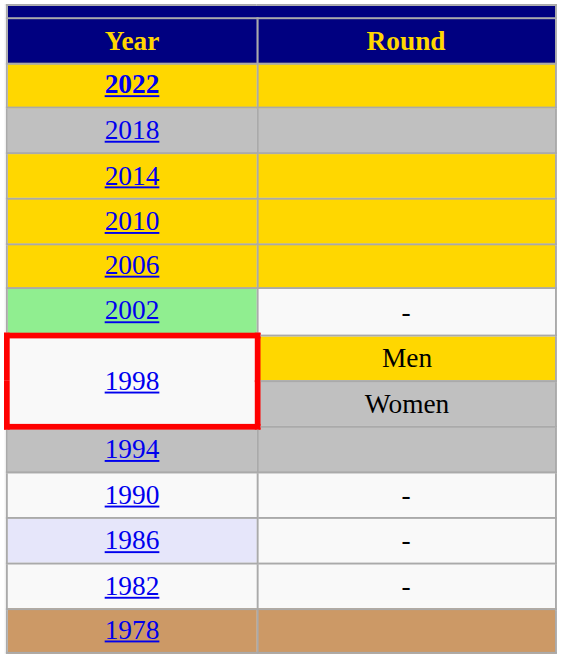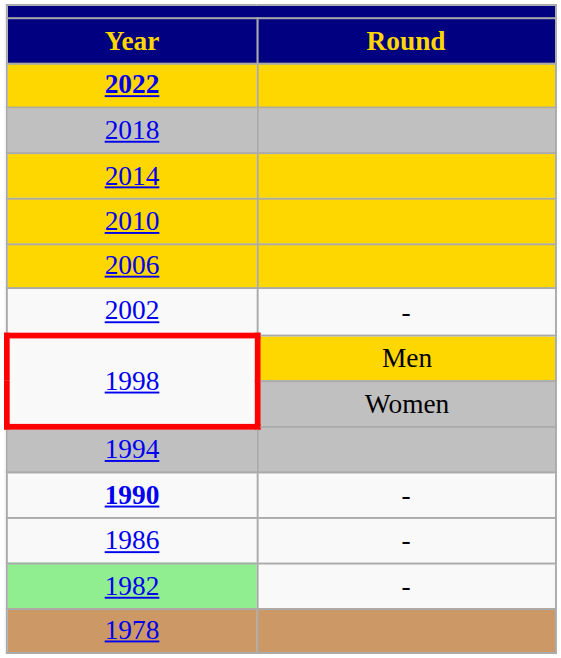 <table class="wikitable" style="text-align: center;font-size:90%;">
 <tr>
 <th style="background:#000080;" colspan=2></th>
 </tr>
 <tr style="color:gold;">
 <th style="background:#000080;" width=125>Year</th>
 <th style="background:#000080;" width=150>Round</th>
 </tr>
 <tr bgcolor=gold>
 <td><strong><a href='#'>2022</a></strong></td>
 <td></td>
 </tr>
 <tr bgcolor=silver>
 <td><a href='#'>2018</a></td>
 <td></td>
 </tr>
 <tr bgcolor=gold>
 <td><a href='#'>2014</a></td>
 <td></td>
 </tr>
 <tr bgcolor=gold>
 <td><a href='#'>2010</a></td>
 <td></td>
 </tr>
 <tr bgcolor=gold>
 <td><a href='#'>2006</a></td>
 <td></td>
 </tr>
 <tr>
-<td style="background: lightgreen;"><a href='#'>2002</a></td>
+<td><a href='#'>2002</a></td>
 <td>-</td>
 </tr>
 <tr>
 <td rowspan=2 style="border: 3px solid red;"><a href='#'>1998</a></td>
 <td bgcolor=gold> Men</td>
 </tr>
 <tr>
 <td bgcolor=silver> Women</td>
 </tr>
 <tr bgcolor=silver>
 <td><a href='#'>1994</a></td>
 <td></td>
 </tr>
 <tr>
-<td><a href='#'>1990</a></td>
+<td><strong><a href='#'>1990</a></strong></td>
 <td>-</td>
 </tr>
 <tr>
-<td style="background: lavender;"><a href='#'>1986</a></td>
+<td><a href='#'>1986</a></td>
 <td>-</td>
 </tr>
 <tr>
-<td><a href='#'>1982</a></td>
+<td style="background: lightgreen;"><a href='#'>1982</a></td>
 <td>-</td>
 </tr>
 <tr bgcolor="#cc9966">
 <td><a href='#'>1978</a></td>
 <td></td>
 </tr>
 </table>
